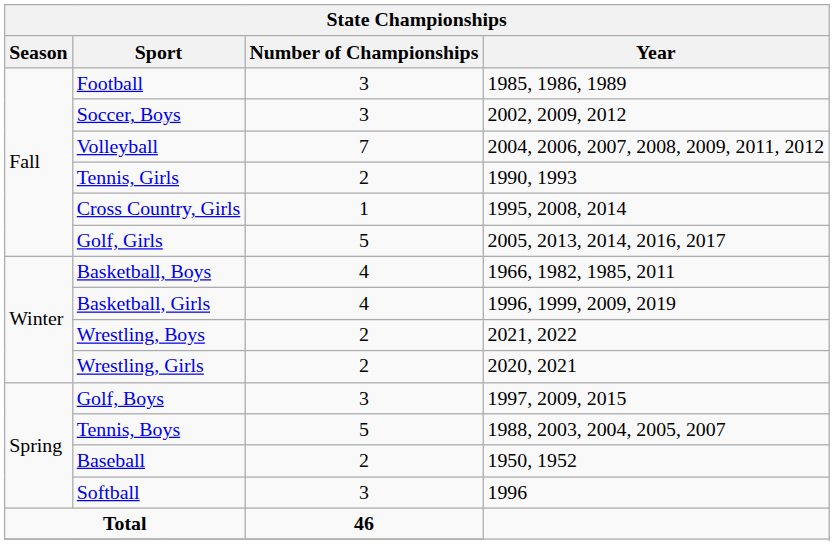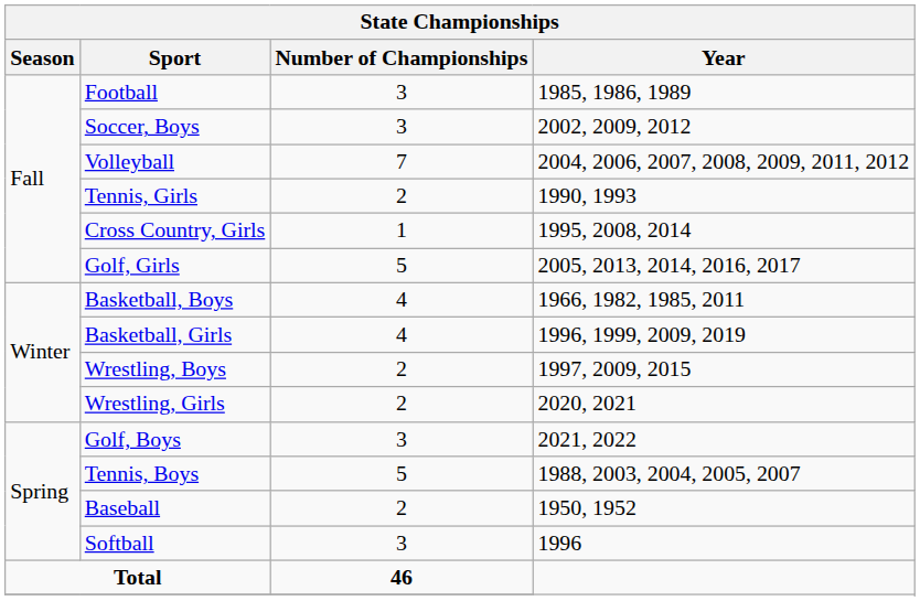 <table class="wikitable">
 <tr>
 <th colspan="4">State Championships</th>
 </tr>
 <tr>
 <th>Season</th>
 <th>Sport</th>
 <th>Number of Championships</th>
 <th>Year</th>
 </tr>
 <tr>
 <td rowspan="6">Fall</td>
 <td><a href='#'>Football</a></td>
 <td align="center">3</td>
 <td>1985, 1986, 1989</td>
 </tr>
 <tr>
 <td><a href='#'>Soccer, Boys</a></td>
 <td align="center">3</td>
 <td>2002, 2009, 2012</td>
 </tr>
 <tr>
 <td><a href='#'>Volleyball</a></td>
 <td align="center">7</td>
 <td>2004, 2006, 2007, 2008, 2009, 2011, 2012</td>
 </tr>
 <tr>
 <td><a href='#'>Tennis, Girls</a></td>
 <td align="center">2</td>
 <td>1990, 1993</td>
 </tr>
 <tr>
 <td><a href='#'>Cross Country, Girls</a></td>
 <td align="center">1</td>
 <td>1995, 2008, 2014</td>
 </tr>
 <tr>
 <td><a href='#'>Golf, Girls</a></td>
 <td align="center">5</td>
 <td>2005, 2013, 2014, 2016, 2017</td>
 </tr>
 <tr>
 <td rowspan="4">Winter</td>
 <td><a href='#'>Basketball, Boys</a></td>
 <td align="center">4</td>
 <td>1966, 1982, 1985, 2011</td>
 </tr>
 <tr>
 <td><a href='#'>Basketball, Girls</a></td>
 <td align="center">4</td>
 <td>1996, 1999, 2009, 2019</td>
 </tr>
 <tr>
 <td><a href='#'>Wrestling, Boys</a></td>
 <td align="center">2</td>
-<td>2021, 2022</td>
+<td>1997, 2009, 2015</td>
 </tr>
 <tr>
 <td><a href='#'>Wrestling, Girls</a></td>
 <td align="center">2</td>
 <td>2020, 2021</td>
 </tr>
 <tr>
 <td rowspan="4">Spring</td>
 <td><a href='#'>Golf, Boys</a></td>
 <td align="center">3</td>
-<td>1997, 2009, 2015</td>
+<td>2021, 2022</td>
 </tr>
 <tr>
 <td><a href='#'>Tennis, Boys</a></td>
 <td align="center">5</td>
 <td>1988, 2003, 2004, 2005, 2007</td>
 </tr>
 <tr>
 <td><a href='#'>Baseball</a></td>
 <td align="center">2</td>
 <td>1950, 1952</td>
 </tr>
 <tr>
 <td><a href='#'>Softball</a></td>
 <td align="center">3</td>
 <td>1996</td>
 </tr>
 <tr>
 <td align="center" colspan="2"><strong>Total</strong></td>
 <td align="center"><strong>46</strong></td>
 </tr>
 <tr>
 </tr>
 </table>
